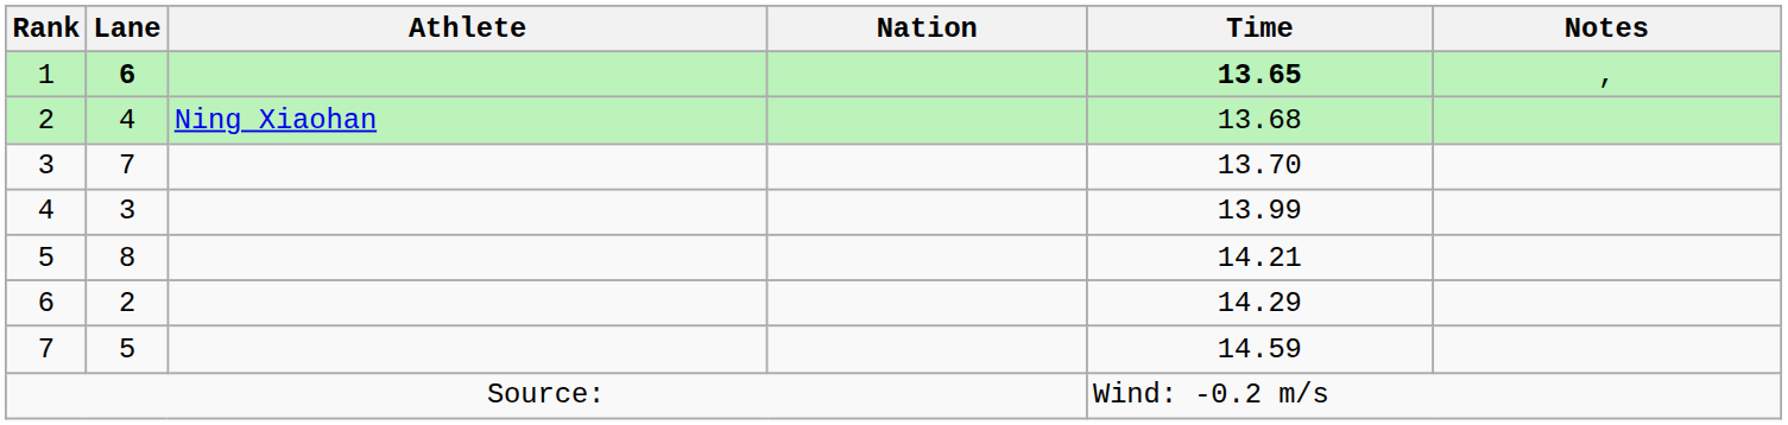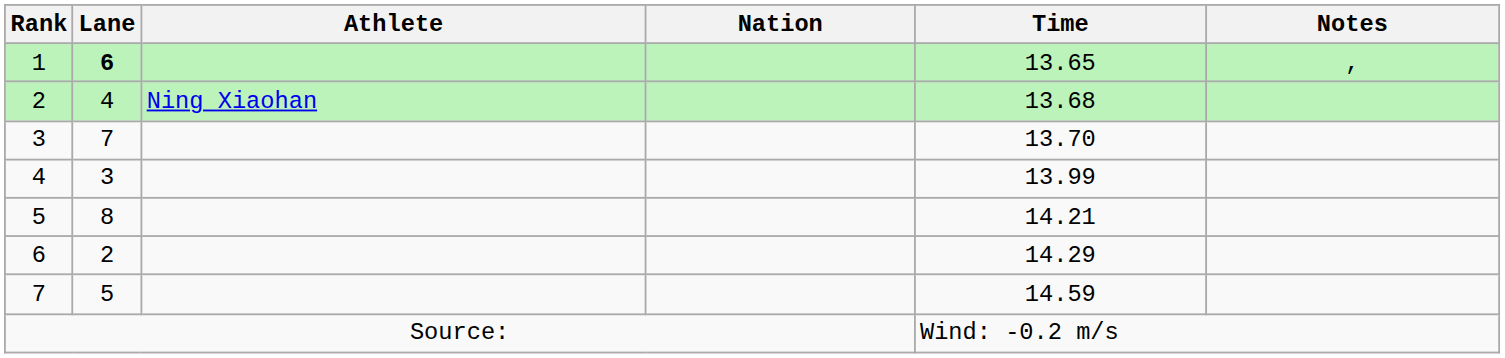 <table class="wikitable sortable" style="text-align:center;width: 65%;">
 <tr>
 <th scope="col" style="width: 10px;">Rank</th>
 <th scope="col" style="width: 10px;">Lane</th>
 <th scope="col">Athlete</th>
 <th scope="col">Nation</th>
 <th scope="col">Time</th>
 <th scope="col">Notes</th>
 </tr>
 <tr bgcolor=bbf3bb>
 <td>1</td>
 <td><strong>6</strong></td>
 <td align=left></td>
 <td align=left></td>
-<td><strong>13.65</strong></td>
+<td>13.65</td>
 <td>, </td>
 </tr>
 <tr bgcolor=bbf3bb>
 <td>2</td>
 <td>4</td>
 <td align=left><a href='#'>Ning Xiaohan</a></td>
 <td align=left></td>
 <td>13.68</td>
 <td></td>
 </tr>
 <tr>
 <td>3</td>
 <td>7</td>
 <td align=left></td>
 <td align=left></td>
 <td>13.70</td>
 <td></td>
 </tr>
 <tr>
 <td>4</td>
 <td>3</td>
 <td align=left></td>
 <td align=left></td>
 <td>13.99</td>
 <td></td>
 </tr>
 <tr>
 <td>5</td>
 <td>8</td>
 <td align=left></td>
 <td align=left></td>
 <td>14.21</td>
 <td></td>
 </tr>
 <tr>
 <td>6</td>
 <td>2</td>
 <td align=left></td>
 <td align=left></td>
 <td>14.29</td>
 <td></td>
 </tr>
 <tr>
 <td>7</td>
 <td>5</td>
 <td align=left></td>
 <td align=left></td>
 <td>14.59</td>
 <td></td>
 </tr>
 <tr class="sortbottom">
 <td colspan="4">Source:</td>
 <td colspan="2" style="text-align:left;">Wind: -0.2 m/s</td>
 </tr>
 </table>
